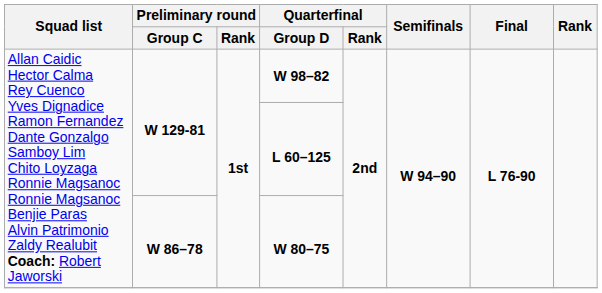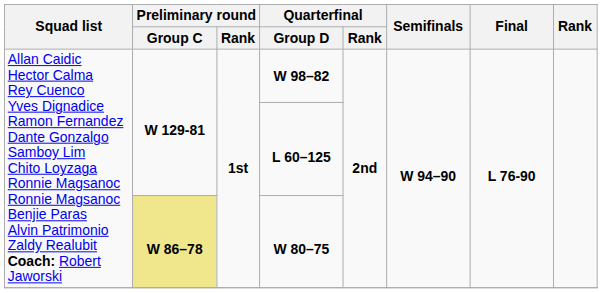 <table class="wikitable" width="98%" style="text-align:left; font-size:90%">
 <tr>
 <th rowspan="2" width="20%">Squad list</th>
 <th colspan="2">Preliminary round</th>
 <th colspan="2">Quarterfinal</th>
 <th rowspan="2" width="13%">Semifinals</th>
 <th rowspan="2" width="13%">Final</th>
 <th rowspan="2" width="5%">Rank</th>
 </tr>
 <tr>
 <th width="13%">Group C</th>
 <th width="5%">Rank</th>
 <th width="13%">Group D</th>
 <th width="5%">Rank</th>
 </tr>
 <tr>
 <td rowspan="3"><a href='#'>Allan Caidic</a><br><a href='#'>Hector Calma</a><br><a href='#'>Rey Cuenco</a><br><a href='#'>Yves Dignadice</a><br><a href='#'>Ramon Fernandez</a><br><a href='#'>Dante Gonzalgo</a><br><a href='#'>Samboy Lim</a><br><a href='#'>Chito Loyzaga</a><br><a href='#'>Ronnie Magsanoc</a><br><a href='#'>Ronnie Magsanoc</a><br><a href='#'>Benjie Paras</a><br><a href='#'>Alvin Patrimonio</a><br><a href='#'>Zaldy Realubit</a><br><strong>Coach:</strong> <a href='#'>Robert Jaworski</a></td>
 <td align=center rowspan=2><br> <strong>W 129-81</strong></td>
 <td rowspan="3" align=center><strong>1st</strong></td>
 <td align="center"> <strong>W 98–82</strong></td>
 <td rowspan="3" align=center><strong>2nd</strong></td>
 <td rowspan="3" align=center><br> <strong>W 94–90</strong></td>
 <td rowspan="3" align=center><br> <strong>L 76-90</strong></td>
 <td rowspan="3" align="center"></td>
 </tr>
 <tr>
 <td align=center><br> <strong>L 60–125</strong></td>
 </tr>
 <tr>
-<td align=center><br> <strong>W 86–78</strong></td>
+<td align=center style="background: khaki;"><br> <strong>W 86–78</strong></td>
 <td align=center><br> <strong>W 80–75</strong></td>
 </tr>
 <tr>
 </tr>
 </table>
